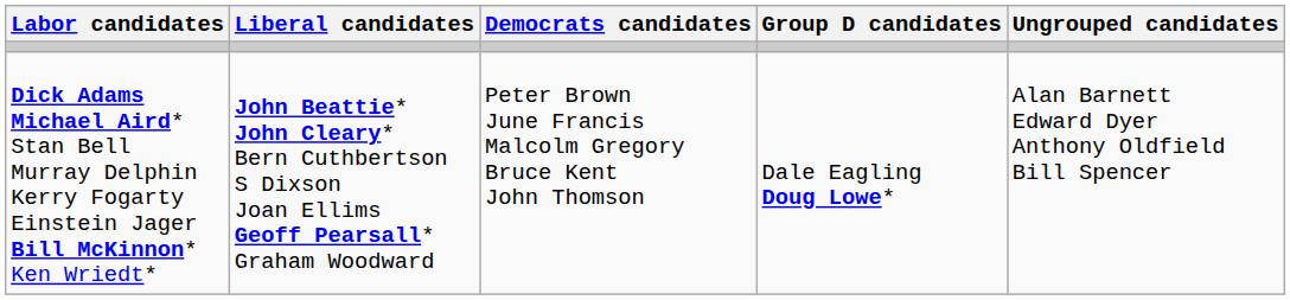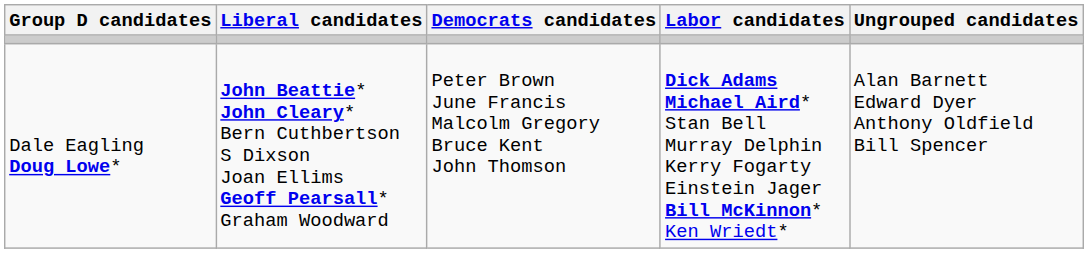 <table class="wikitable">
 <tr>
-<th><a href='#'>Labor</a> candidates</th>
+<th>Group D candidates</th>
 <th><a href='#'>Liberal</a> candidates</th>
 <th><a href='#'>Democrats</a> candidates</th>
-<th>Group D candidates</th>
+<th><a href='#'>Labor</a> candidates</th>
 <th>Ungrouped candidates</th>
 </tr>
 <tr bgcolor="#cccccc">
 <td></td>
 <td></td>
 <td></td>
 <td></td>
 <td></td>
 </tr>
 <tr>
-<td><br><strong><a href='#'>Dick Adams</a></strong><br> <strong><a href='#'>Michael Aird</a></strong>*<br> Stan Bell<br> Murray Delphin<br> Kerry Fogarty<br> Einstein Jager<br> <strong><a href='#'>Bill McKinnon</a></strong>*<br> <a href='#'>Ken Wriedt</a>*</td>
+<td><br>Dale Eagling<br> <strong><a href='#'>Doug Lowe</a></strong>*</td>
 <td><br><strong><a href='#'>John Beattie</a></strong>*<br> <strong><a href='#'>John Cleary</a></strong>*<br> Bern Cuthbertson<br> S Dixson<br> Joan Ellims<br> <strong><a href='#'>Geoff Pearsall</a></strong>*<br> Graham Woodward</td>
 <td valign=top><br>Peter Brown<br> June Francis<br> Malcolm Gregory<br> Bruce Kent<br> John Thomson</td>
-<td><br>Dale Eagling<br> <strong><a href='#'>Doug Lowe</a></strong>*</td>
+<td><br><strong><a href='#'>Dick Adams</a></strong><br> <strong><a href='#'>Michael Aird</a></strong>*<br> Stan Bell<br> Murray Delphin<br> Kerry Fogarty<br> Einstein Jager<br> <strong><a href='#'>Bill McKinnon</a></strong>*<br> <a href='#'>Ken Wriedt</a>*</td>
 <td valign=top><br>Alan Barnett<br> Edward Dyer<br> Anthony Oldfield<br> Bill Spencer<br></td>
 </tr>
 </table>
